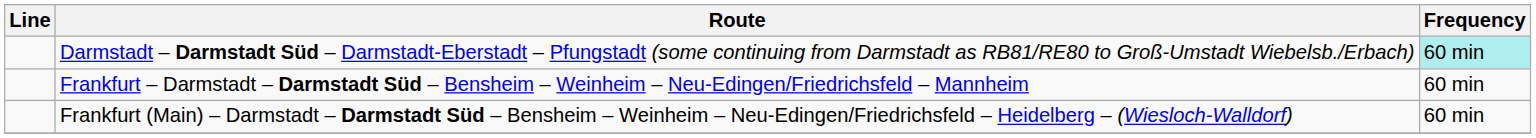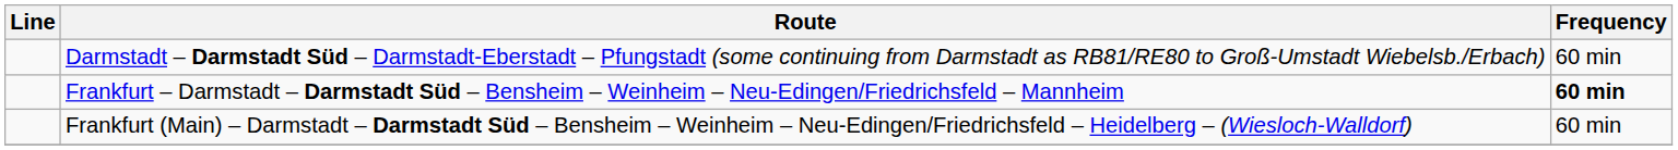 <table class="wikitable">
 <tr>
 <th>Line</th>
 <th>Route</th>
 <th>Frequency</th>
 </tr>
 <tr>
 <td></td>
 <td><a href='#'>Darmstadt</a> – <strong>Darmstadt Süd</strong> – <a href='#'>Darmstadt-Eberstadt</a> – <a href='#'>Pfungstadt</a> <em>(some continuing from Darmstadt as RB81/RE80 to Groß-Umstadt Wiebelsb./Erbach)</em></td>
-<td style="background: paleturquoise;">60 min</td>
+<td>60 min</td>
 </tr>
 <tr>
 <td></td>
 <td><a href='#'>Frankfurt</a> – Darmstadt – <strong>Darmstadt Süd</strong> – <a href='#'>Bensheim</a> – <a href='#'>Weinheim</a> – <a href='#'>Neu-Edingen/Friedrichsfeld</a> – <a href='#'>Mannheim</a></td>
-<td>60 min</td>
+<td><strong>60 min</strong></td>
 </tr>
 <tr>
 <td></td>
 <td>Frankfurt (Main) – Darmstadt – <strong>Darmstadt Süd</strong>  – Bensheim – Weinheim – Neu-Edingen/Friedrichsfeld – <a href='#'>Heidelberg</a> – <em>(<a href='#'>Wiesloch-Walldorf</a>)</em></td>
 <td>60 min</td>
 </tr>
 <tr>
 </tr>
 </table>
